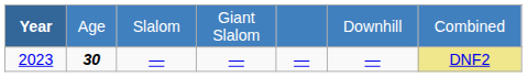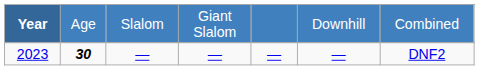 <table class="wikitable" style="font-size:95%; text-align:center; border:grey solid 1px; border-collapse:collapse;" width="40%">
 <tr style="background-color:#369; color:white;">
 <td rowspan="2" colspan="1" width="4%"><strong>Year</strong></td>
 </tr>
 <tr style="background-color:#4180be; color:white;">
 <td width="3%">Age</td>
 <td width="5%">Slalom</td>
 <td width="5%">Giant<br>Slalom</td>
 <td width="5%"></td>
 <td width="5%">Downhill</td>
 <td width="5%">Combined</td>
 </tr>
 <tr style="background-color:#8CB2D8; color:white;">
 </tr>
 <tr>
 <td><a href='#'>2023</a></td>
 <td><strong><em>30</em></strong></td>
 <td><a href='#'>—</a></td>
 <td><a href='#'>—</a></td>
 <td><a href='#'>—</a></td>
 <td><a href='#'>—</a></td>
-<td style="background: khaki;"><a href='#'>DNF2</a></td>
+<td><a href='#'>DNF2</a></td>
 </tr>
 </table>
